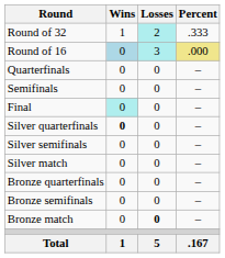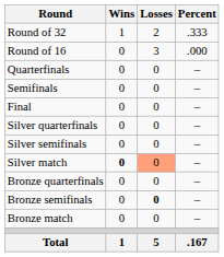 <table class=wikitable>
 <tr>
 <th>Round</th>
 <th>Wins</th>
 <th>Losses</th>
 <th>Percent</th>
 </tr>
 <tr align=center>
 <td align=left>Round of 32</td>
 <td>1</td>
-<td style="background: paleturquoise;">2</td>
+<td>2</td>
 <td>.333</td>
 </tr>
 <tr align=center>
 <td align=left>Round of 16</td>
-<td style="background: lightblue;">0</td>
-<td style="background: paleturquoise;">3</td>
-<td style="background: khaki;">.000</td>
+<td>0</td>
+<td>3</td>
+<td>.000</td>
 </tr>
 <tr align=center>
 <td align=left>Quarterfinals</td>
 <td>0</td>
 <td>0</td>
 <td>–</td>
 </tr>
 <tr align=center>
 <td align=left>Semifinals</td>
 <td>0</td>
 <td>0</td>
 <td>–</td>
 </tr>
 <tr align=center>
 <td align=left>Final</td>
-<td style="background: paleturquoise;">0</td>
+<td>0</td>
 <td>0</td>
 <td>–</td>
 </tr>
 <tr align=center>
 <td align=left>Silver quarterfinals</td>
-<td><strong>0</strong></td>
+<td>0</td>
 <td>0</td>
 <td>–</td>
 </tr>
 <tr align=center>
 <td align=left>Silver semifinals</td>
 <td>0</td>
 <td>0</td>
 <td>–</td>
 </tr>
 <tr align=center>
 <td align=left>Silver match</td>
-<td>0</td>
-<td>0</td>
+<td><strong>0</strong></td>
+<td style="background: lightsalmon;">0</td>
 <td>–</td>
 </tr>
 <tr align=center>
 <td align=left>Bronze quarterfinals</td>
 <td>0</td>
 <td>0</td>
 <td>–</td>
 </tr>
 <tr align=center>
 <td align=left>Bronze semifinals</td>
 <td>0</td>
-<td>0</td>
+<td><strong>0</strong></td>
 <td>–</td>
 </tr>
 <tr align=center>
 <td align=left>Bronze match</td>
 <td>0</td>
-<td><strong>0</strong></td>
+<td>0</td>
 <td>–</td>
 </tr>
 <tr>
 <td colspan=4 bgcolor=lightgray></td>
 </tr>
 <tr>
 <th>Total</th>
 <th>1</th>
 <th>5</th>
 <th>.167</th>
 </tr>
 </table>
